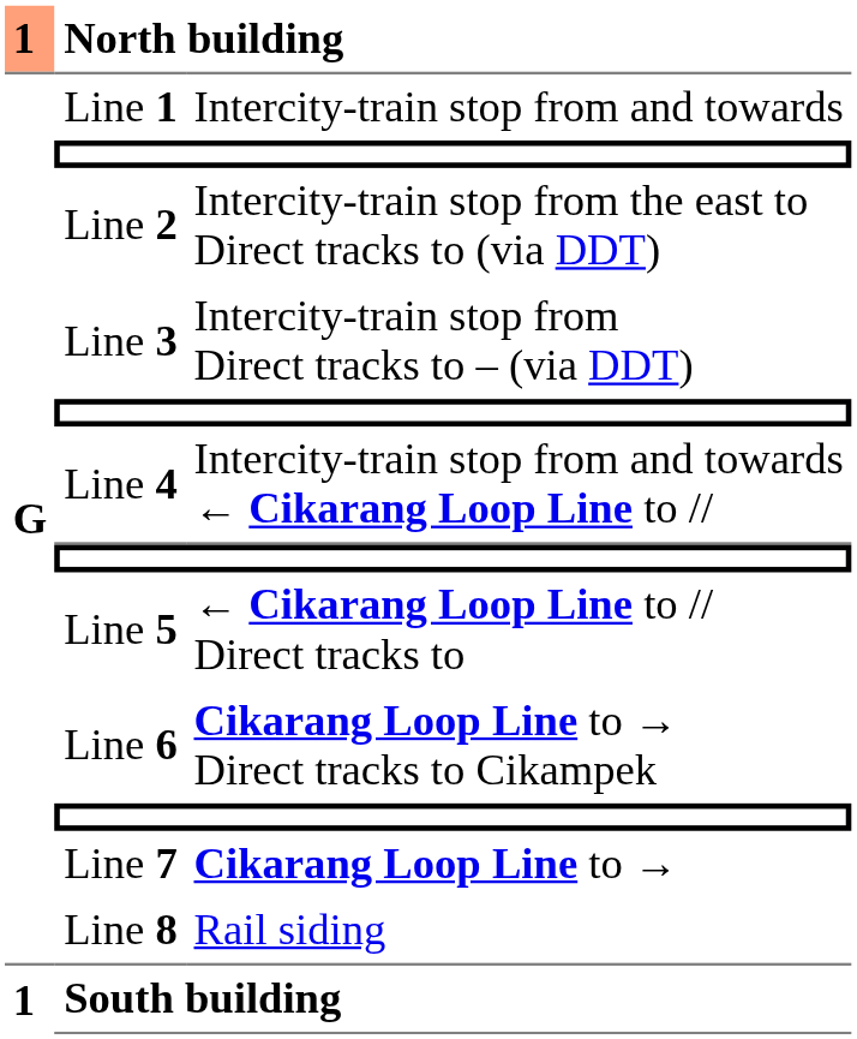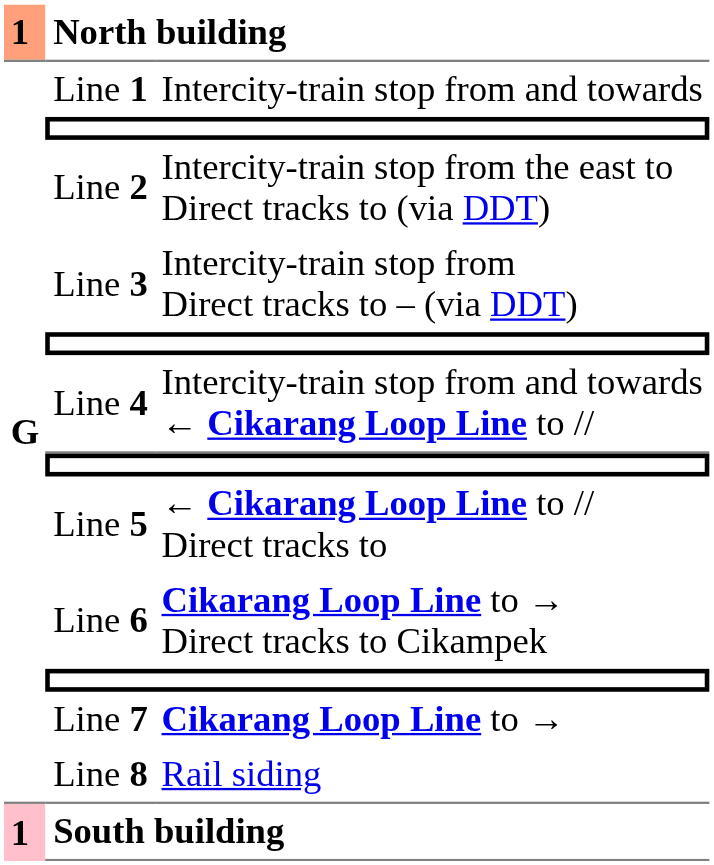 <table cellpadding="3" cellspacing="0">
 <tr>
 <td colspan="3">  </td>
 </tr>
 <tr>
 <td style="background: lightsalmon;"><strong>1</strong></td>
 <td colspan="2"><strong>North building</strong></td>
 </tr>
 <tr>
 <td rowspan="12" style="border-top:solid 1px gray; border-bottom:solid 1px gray;"><strong>G</strong></td>
 <td style="border-top:solid 1px gray;">Line <strong>1</strong></td>
 <td style="border-top:solid 1px gray;"> Intercity-train stop from and towards </td>
 </tr>
 <tr>
 <td colspan="2" style="text-align:center; border-top:solid 2px black;border-left:solid 2px black;border-right:solid 2px black;border-bottom:solid 2px black;"></td>
 </tr>
 <tr>
 <td>Line <strong>2</strong></td>
 <td> Intercity-train stop from the east to <br>Direct tracks to  (via <a href='#'>DDT</a>)</td>
 </tr>
 <tr>
 <td>Line <strong>3</strong></td>
 <td> Intercity-train stop from <br>Direct tracks to – (via <a href='#'>DDT</a>)</td>
 </tr>
 <tr>
 <td colspan="2" style="text-align:center; border-top:solid 2px black;border-left:solid 2px black;border-right:solid 2px black;border-bottom:solid 2px black;"></td>
 </tr>
 <tr>
 <td style="border-bottom:solid 1px gray;">Line <strong>4</strong></td>
 <td style="border-bottom:solid 1px gray;"> Intercity-train stop from and towards <br>←   <strong><a href='#'>Cikarang Loop Line</a></strong> to //</td>
 </tr>
 <tr>
 <td colspan="2" style="text-align:center; border-top:solid 2px black;border-left:solid 2px black;border-right:solid 2px black;border-bottom:solid 2px black;"></td>
 </tr>
 <tr>
 <td>Line <strong>5</strong></td>
 <td>←    <strong><a href='#'>Cikarang Loop Line</a></strong> to //<br>Direct tracks to </td>
 </tr>
 <tr>
 <td>Line <strong>6</strong></td>
 <td> <strong><a href='#'>Cikarang Loop Line</a></strong> to   →<br>Direct tracks to Cikampek</td>
 </tr>
 <tr>
 <td colspan="2" style="text-align:center; border-top:solid 2px black;border-left:solid 2px black;border-right:solid 2px black;border-bottom:solid 2px black;"></td>
 </tr>
 <tr>
 <td>Line <strong>7</strong></td>
 <td> <strong><a href='#'>Cikarang Loop Line</a></strong> to   →</td>
 </tr>
 <tr>
 <td style="border-bottom:solid 1px gray;">Line <strong>8</strong></td>
 <td style="border-bottom:solid 1px gray;"><a href='#'>Rail siding</a></td>
 </tr>
 <tr>
-<td><strong>1</strong></td>
+<td style="background: pink;"><strong>1</strong></td>
 <td colspan="2" style="border-bottom:solid 1px gray;"><strong>South building</strong></td>
 </tr>
 </table>
